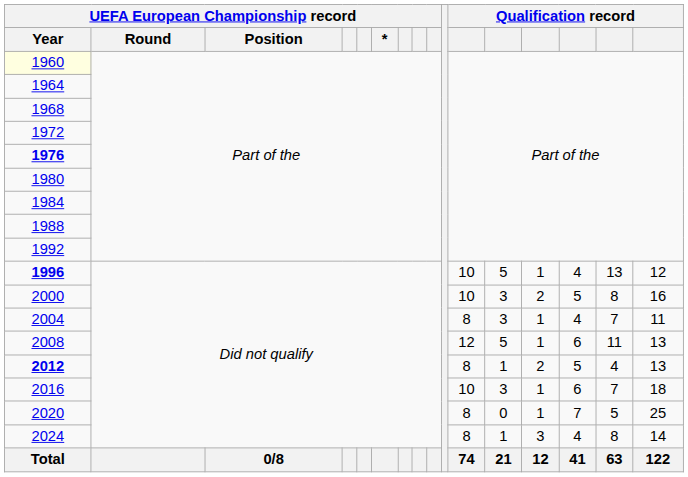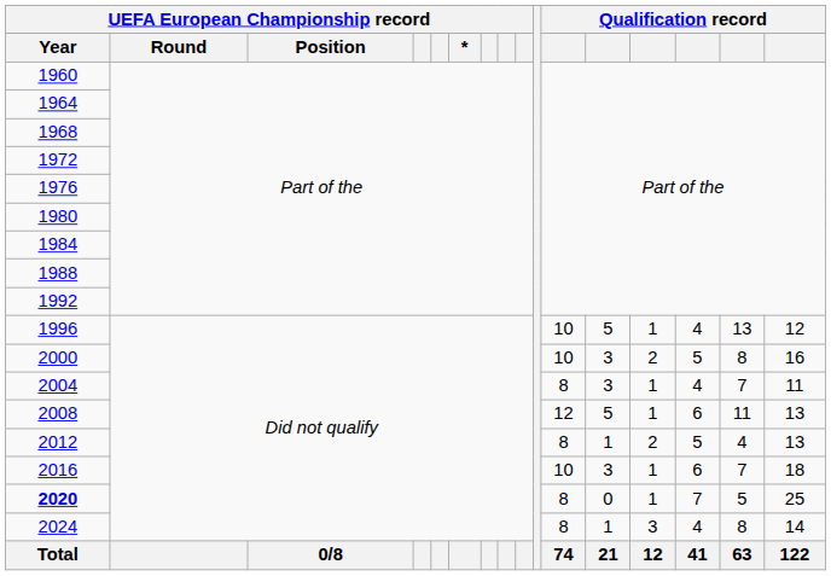 <table class="wikitable" style="text-align: center;">
 <tr>
 <th colspan=9><a href='#'>UEFA European Championship</a> record</th>
 <th style="width:1%;" rowspan=20></th>
 <th colspan=6><a href='#'>Qualification</a> record</th>
 </tr>
 <tr>
 <th>Year</th>
 <th>Round</th>
 <th>Position</th>
 <th></th>
 <th></th>
 <th>*</th>
 <th></th>
 <th></th>
 <th></th>
 <th></th>
 <th></th>
 <th></th>
 <th></th>
 <th></th>
 <th></th>
 </tr>
 <tr>
-<td style="background: lightyellow;"> <a href='#'>1960</a></td>
+<td> <a href='#'>1960</a></td>
 <td colspan=8 rowspan=9><em>Part of the </em></td>
 <td colspan=6 rowspan=9><em>Part of the </em></td>
 </tr>
 <tr>
 <td> <a href='#'>1964</a></td>
 </tr>
 <tr>
 <td> <a href='#'>1968</a></td>
 </tr>
 <tr>
 <td> <a href='#'>1972</a></td>
 </tr>
 <tr>
-<td><strong> <a href='#'>1976</a></strong></td>
+<td> <a href='#'>1976</a></td>
 </tr>
 <tr>
 <td> <a href='#'>1980</a></td>
 </tr>
 <tr>
 <td> <a href='#'>1984</a></td>
 </tr>
 <tr>
 <td> <a href='#'>1988</a></td>
 </tr>
 <tr>
 <td> <a href='#'>1992</a></td>
 </tr>
 <tr>
-<td><strong> <a href='#'>1996</a></strong></td>
+<td> <a href='#'>1996</a></td>
 <td colspan=8 rowspan=8><em>Did not qualify</em></td>
 <td>10</td>
 <td>5</td>
 <td>1</td>
 <td>4</td>
 <td>13</td>
 <td>12</td>
 </tr>
 <tr>
 <td>  <a href='#'>2000</a></td>
 <td>10</td>
 <td>3</td>
 <td>2</td>
 <td>5</td>
 <td>8</td>
 <td>16</td>
 </tr>
 <tr>
 <td> <a href='#'>2004</a></td>
 <td>8</td>
 <td>3</td>
 <td>1</td>
 <td>4</td>
 <td>7</td>
 <td>11</td>
 </tr>
 <tr>
 <td>  <a href='#'>2008</a></td>
 <td>12</td>
 <td>5</td>
 <td>1</td>
 <td>6</td>
 <td>11</td>
 <td>13</td>
 </tr>
 <tr>
-<td><strong>  <a href='#'>2012</a></strong></td>
+<td>  <a href='#'>2012</a></td>
 <td>8</td>
 <td>1</td>
 <td>2</td>
 <td>5</td>
 <td>4</td>
 <td>13</td>
 </tr>
 <tr>
 <td> <a href='#'>2016</a></td>
 <td>10</td>
 <td>3</td>
 <td>1</td>
 <td>6</td>
 <td>7</td>
 <td>18</td>
 </tr>
 <tr>
-<td> <a href='#'>2020</a></td>
+<td><strong> <a href='#'>2020</a></strong></td>
 <td>8</td>
 <td>0</td>
 <td>1</td>
 <td>7</td>
 <td>5</td>
 <td>25</td>
 </tr>
 <tr>
 <td> <a href='#'>2024</a></td>
 <td>8</td>
 <td>1</td>
 <td>3</td>
 <td>4</td>
 <td>8</td>
 <td>14</td>
 </tr>
 <tr>
 <th>Total</th>
 <th></th>
 <th>0/8</th>
 <th></th>
 <th></th>
 <th></th>
 <th></th>
 <th></th>
 <th></th>
 <th>74</th>
 <th>21</th>
 <th>12</th>
 <th>41</th>
 <th>63</th>
 <th>122</th>
 </tr>
 </table>
